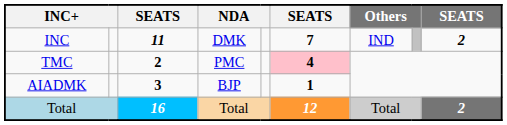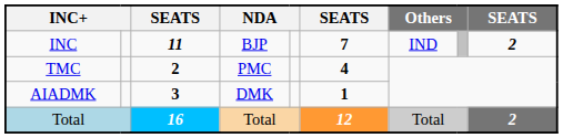 <table class="wikitable" width="35%" cellpadding="2" cellspacing="0" border="1" style="text-align:center; border: 2px #000000 solid; font-size: x-big">
 <tr>
 <th colspan="2" style="background:">INC+</th>
 <th style="background:">SEATS</th>
 <th colspan="2" style="background:">NDA</th>
 <th style="background:">SEATS</th>
 <th colspan="2" style="background:#757575; color:white;">Others</th>
 <th style="background:#757575; color:white;">SEATS</th>
 </tr>
 <tr>
 <td><a href='#'>INC</a></td>
 <td width="3px" style="background-color: "></td>
 <td><strong><em>11</em></strong></td>
-<td><a href='#'>DMK</a></td>
+<td><a href='#'>BJP</a></td>
 <td width="3px" style="background-color: "></td>
 <td><strong>7</strong></td>
 <td><a href='#'>IND</a></td>
 <td width="3px" style="background-color: #C1C1C1"></td>
 <td><strong><em>2</em></strong></td>
 </tr>
 <tr>
 <td><a href='#'>TMC</a></td>
 <td width="3px" style="background-color: "></td>
 <td><strong>2</strong></td>
 <td><a href='#'>PMC</a></td>
 <td width="3px" style="background-color: "></td>
-<td style="background: pink;"><strong>4</strong></td>
+<td><strong>4</strong></td>
 </tr>
 <tr>
 <td><a href='#'>AIADMK</a></td>
 <td width="3px" style="background-color: "></td>
 <td><strong>3</strong></td>
-<td><a href='#'>BJP</a></td>
+<td><a href='#'>DMK</a></td>
 <td width="3px" style="background-color: "></td>
 <td><strong>1</strong></td>
 </tr>
 <tr>
 <td colspan="2" style="background:#ADD8E6">Total</td>
 <td style="background:#00BFFF; color:white;"><strong><em>16</em></strong></td>
 <td colspan="2" style="background:#FAD6A5;">Total</td>
 <td style="background:#FF9933 ; color:white;"><strong><em>12</em></strong></td>
 <td colspan="2" style="background:#CDCDCD">Total</td>
 <td style="background:#757575; color:white;"><strong><em>2</em></strong></td>
 </tr>
 </table>
